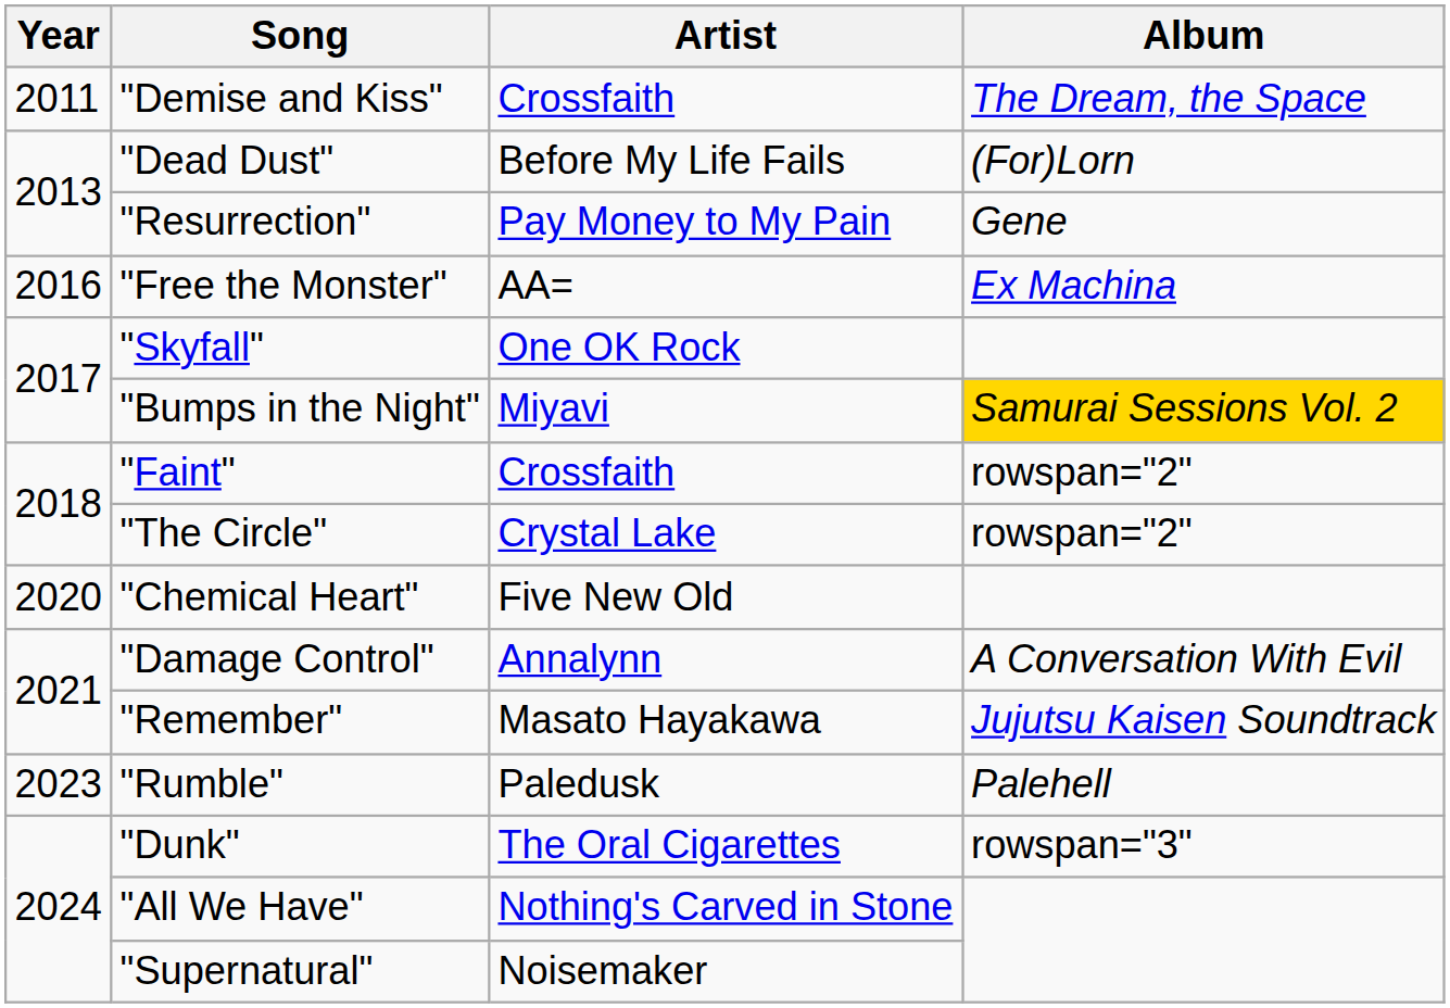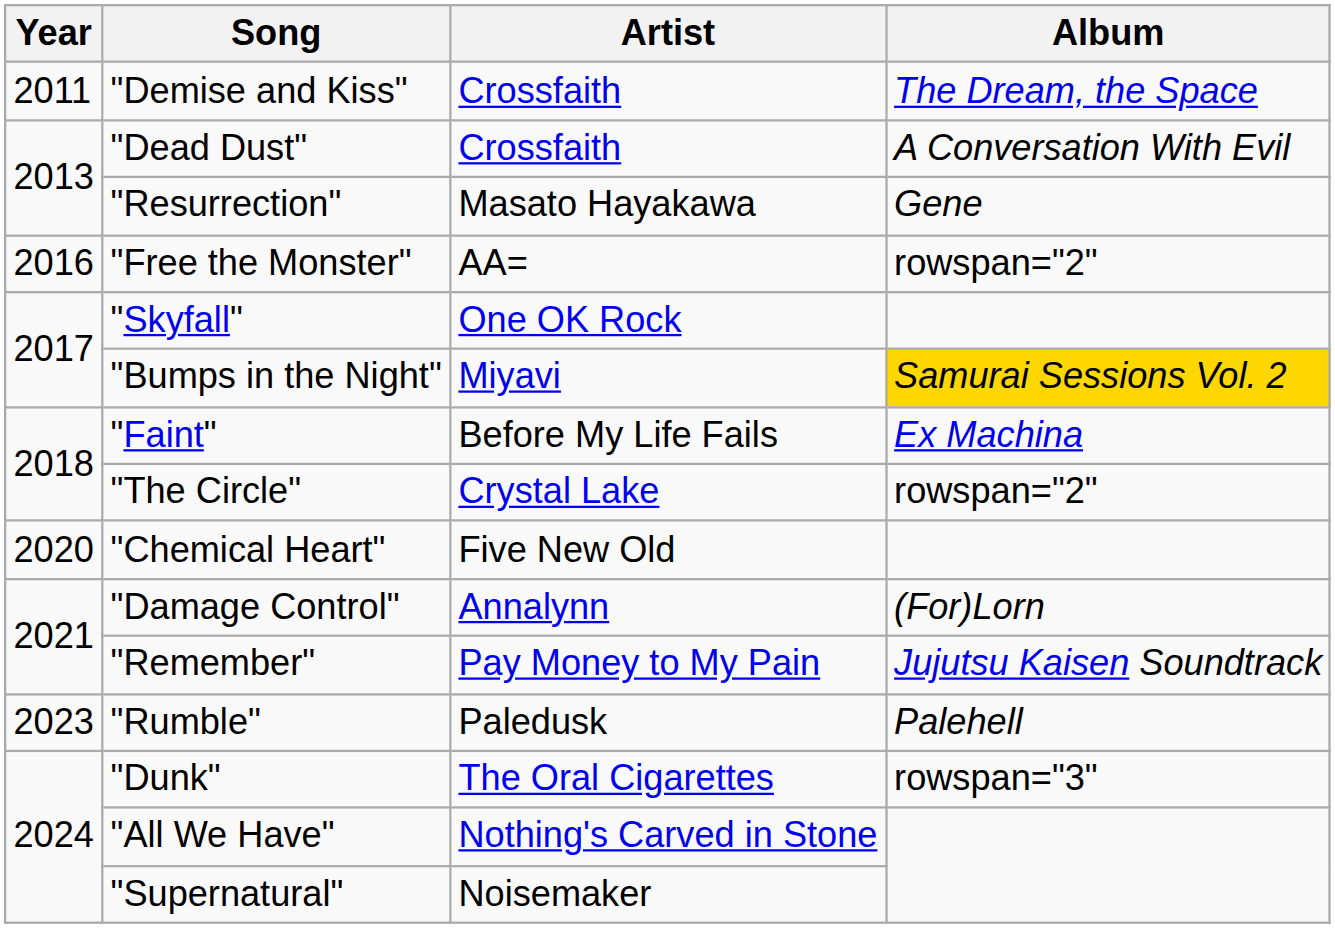 <table class="wikitable">
 <tr>
 <th>Year</th>
 <th>Song</th>
 <th>Artist</th>
 <th>Album</th>
 </tr>
 <tr>
 <td>2011</td>
 <td>"Demise and Kiss"</td>
 <td><a href='#'>Crossfaith</a></td>
 <td><em><a href='#'>The Dream, the Space</a></em></td>
 </tr>
 <tr>
 <td rowspan=2>2013</td>
 <td>"Dead Dust"</td>
-<td>Before My Life Fails</td>
-<td><em>(For)Lorn</em></td>
+<td><a href='#'>Crossfaith</a></td>
+<td><em>A Conversation With Evil</em></td>
 </tr>
 <tr>
 <td>"Resurrection"<br></td>
-<td><a href='#'>Pay Money to My Pain</a></td>
+<td>Masato Hayakawa</td>
 <td><em>Gene</em></td>
 </tr>
 <tr>
 <td>2016</td>
 <td>"Free the Monster"<br></td>
 <td>AA=</td>
-<td><em><a href='#'>Ex Machina</a></em></td>
+<td>rowspan="2"</td>
 </tr>
 <tr>
 <td rowspan=2>2017</td>
 <td>"<a href='#'>Skyfall</a>"<br></td>
 <td><a href='#'>One OK Rock</a></td>
 </tr>
 <tr>
 <td>"Bumps in the Night"</td>
 <td><a href='#'>Miyavi</a></td>
 <td style="background: gold;"><em>Samurai Sessions Vol. 2</em></td>
 </tr>
 <tr>
 <td rowspan=2>2018</td>
 <td>"<a href='#'>Faint</a>"</td>
-<td><a href='#'>Crossfaith</a></td>
-<td>rowspan="2"</td>
+<td>Before My Life Fails</td>
+<td><em><a href='#'>Ex Machina</a></em></td>
 </tr>
 <tr>
 <td>"The Circle"</td>
 <td><a href='#'>Crystal Lake</a></td>
 <td>rowspan="2"</td>
 </tr>
 <tr>
 <td>2020</td>
 <td>"Chemical Heart"</td>
 <td>Five New Old</td>
 </tr>
 <tr>
 <td rowspan=2>2021</td>
 <td>"Damage Control"</td>
 <td><a href='#'>Annalynn</a></td>
-<td><em>A Conversation With Evil</em></td>
+<td><em>(For)Lorn</em></td>
 </tr>
 <tr>
 <td>"Remember"</td>
-<td>Masato Hayakawa</td>
+<td><a href='#'>Pay Money to My Pain</a></td>
 <td><em><a href='#'>Jujutsu Kaisen</a> Soundtrack</em></td>
 </tr>
 <tr>
 <td>2023</td>
 <td>"Rumble"</td>
 <td>Paledusk</td>
 <td><em>Palehell</em></td>
 </tr>
 <tr>
 <td rowspan="3">2024</td>
 <td>"Dunk"</td>
 <td><a href='#'>The Oral Cigarettes</a></td>
 <td>rowspan="3" </td>
 </tr>
 <tr>
 <td>"All We Have"</td>
 <td><a href='#'>Nothing's Carved in Stone</a></td>
 </tr>
 <tr>
 <td>"Supernatural"</td>
 <td>Noisemaker</td>
 </tr>
 </table>
